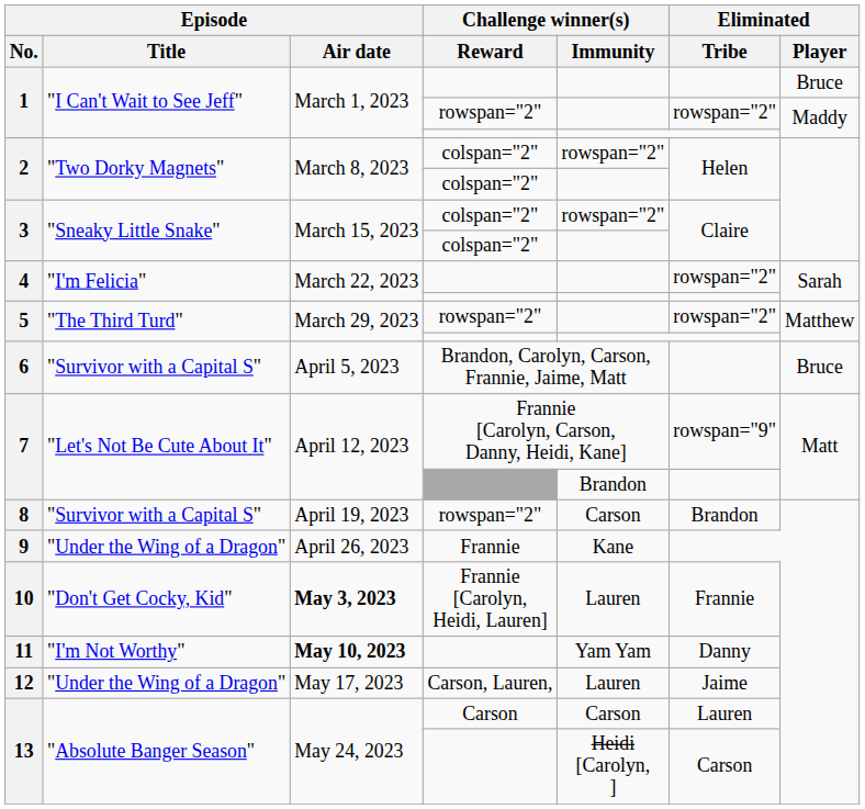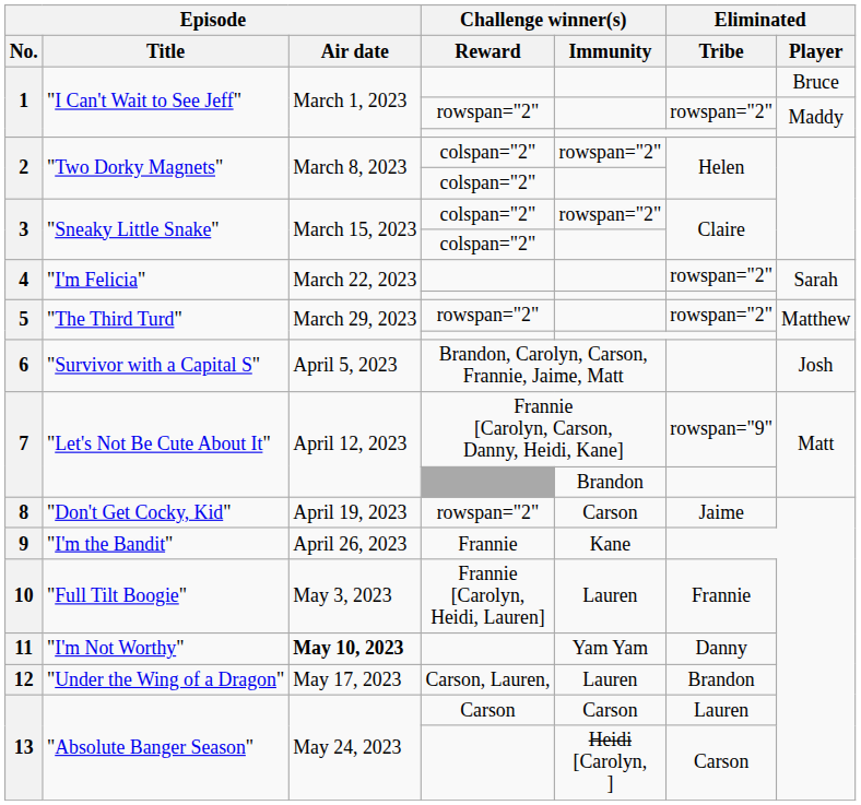 <table class="wikitable unsortable" style="text-align:center;">
 <tr>
 <th colspan="3" scope="col">Episode</th>
 <th colspan="2" scope="col">Challenge winner(s)</th>
 <th colspan="2" scope="col">Eliminated</th>
 </tr>
 <tr>
 <th scope="col">No.</th>
 <th scope="col">Title</th>
 <th scope="col">Air date</th>
 <th scope="col">Reward</th>
 <th scope="col">Immunity</th>
 <th scope="col">Tribe</th>
 <th scope="col">Player</th>
 </tr>
 <tr>
 <th rowspan="3">1</th>
 <td rowspan="3" style="text-align:left">"<a href='#'>I Can't Wait to See Jeff</a>"</td>
 <td rowspan="3" style="text-align:left">March 1, 2023</td>
 <td></td>
 <td></td>
 <td></td>
 <td>Bruce</td>
 </tr>
 <tr>
 <td>rowspan="2" </td>
 <td></td>
 <td>rowspan="2" </td>
 <td rowspan="2">Maddy</td>
 </tr>
 <tr>
 <td></td>
 </tr>
 <tr>
 <th rowspan="2">2</th>
 <td rowspan="2" style="text-align:left">"<a href='#'>Two Dorky Magnets</a>"</td>
 <td style="text-align:left" rowspan="2" style="text-align:left">March 8, 2023</td>
 <td>colspan="2" </td>
 <td>rowspan="2" </td>
 <td rowspan="2">Helen</td>
 </tr>
 <tr>
 <td>colspan="2" </td>
 </tr>
 <tr>
 <th rowspan="2">3</th>
 <td rowspan="2" style="text-align:left">"<a href='#'>Sneaky Little Snake</a>"</td>
 <td style="text-align:left" rowspan="2">March 15, 2023</td>
 <td>colspan="2" </td>
 <td>rowspan="2" </td>
 <td rowspan="2">Claire</td>
 </tr>
 <tr>
 <td>colspan="2" </td>
 </tr>
 <tr>
 <th rowspan="2">4</th>
 <td rowspan="2" style="text-align:left">"<a href='#'>I'm Felicia</a>"</td>
 <td style="text-align:left" rowspan="2">March 22, 2023</td>
 <td></td>
 <td></td>
 <td>rowspan="2" </td>
 <td rowspan="2">Sarah</td>
 </tr>
 <tr>
 <td></td>
 <td></td>
 </tr>
 <tr>
 <th rowspan="2">5</th>
 <td rowspan="2" style="text-align:left">"<a href='#'>The Third Turd</a>"</td>
 <td style="text-align:left" rowspan="2">March 29, 2023</td>
 <td>rowspan="2" </td>
 <td></td>
 <td>rowspan="2" </td>
 <td rowspan="2">Matthew</td>
 </tr>
 <tr>
 <td></td>
 </tr>
 <tr>
 <th>6</th>
 <td style="text-align:left">"<a href='#'>Survivor with a Capital S</a>"</td>
 <td style="text-align:left">April 5, 2023</td>
 <td colspan="2">Brandon, Carolyn, Carson,<br>Frannie, Jaime, Matt</td>
 <td></td>
-<td>Bruce</td>
+<td>Josh</td>
 </tr>
 <tr>
 <th rowspan="2">7</th>
 <td rowspan="2" style="text-align:left">"<a href='#'>Let's Not Be Cute About It</a>"</td>
 <td rowspan="2" style="text-align:left">April 12, 2023</td>
 <td colspan="2">Frannie<br>[Carolyn, Carson,<br>Danny, Heidi, Kane]</td>
 <td>rowspan="9" </td>
 <td rowspan="2">Matt</td>
 </tr>
 <tr>
 <td style="background:darkgray"></td>
 <td>Brandon</td>
 </tr>
 <tr>
 <th>8</th>
-<td style="text-align:left">"<a href='#'>Survivor with a Capital S</a>"</td>
+<td style="text-align:left">"<a href='#'>Don't Get Cocky, Kid</a>"</td>
 <td style="text-align:left">April 19, 2023</td>
 <td>rowspan="2" </td>
 <td>Carson</td>
-<td>Brandon</td>
+<td>Jaime</td>
 </tr>
 <tr>
 <th>9</th>
-<td style="text-align:left">"<a href='#'>Under the Wing of a Dragon</a>"</td>
+<td style="text-align:left">"<a href='#'>I'm the Bandit</a>"</td>
 <td style="text-align:left">April 26, 2023</td>
 <td>Frannie</td>
 <td>Kane</td>
 </tr>
 <tr>
 <th>10</th>
-<td style="text-align:left">"<a href='#'>Don't Get Cocky, Kid</a>"</td>
-<td style="text-align:left"><strong>May 3, 2023</strong></td>
+<td style="text-align:left">"<a href='#'>Full Tilt Boogie</a>"</td>
+<td style="text-align:left">May 3, 2023</td>
 <td>Frannie<br>[Carolyn,<br>Heidi, Lauren]</td>
 <td>Lauren</td>
 <td>Frannie</td>
 </tr>
 <tr>
 <th>11</th>
 <td style="text-align:left">"<a href='#'>I'm Not Worthy</a>"</td>
 <td style="text-align:left"><strong>May 10, 2023</strong></td>
 <td></td>
 <td>Yam Yam</td>
 <td>Danny</td>
 </tr>
 <tr>
 <th>12</th>
 <td style="text-align:left">"<a href='#'>Under the Wing of a Dragon</a>"</td>
 <td style="text-align:left">May 17, 2023</td>
 <td>Carson, Lauren,<br></td>
 <td>Lauren</td>
-<td>Jaime</td>
+<td>Brandon</td>
 </tr>
 <tr>
 <th rowspan="2">13</th>
 <td style="text-align:left" rowspan="2">"<a href='#'>Absolute Banger Season</a>"</td>
 <td style="text-align:left" rowspan="2">May 24, 2023</td>
 <td>Carson<br></td>
 <td>Carson</td>
 <td>Lauren</td>
 </tr>
 <tr>
 <td></td>
 <td><s>Heidi</s><br>[Carolyn,<br>]</td>
 <td>Carson</td>
 </tr>
 </table>
